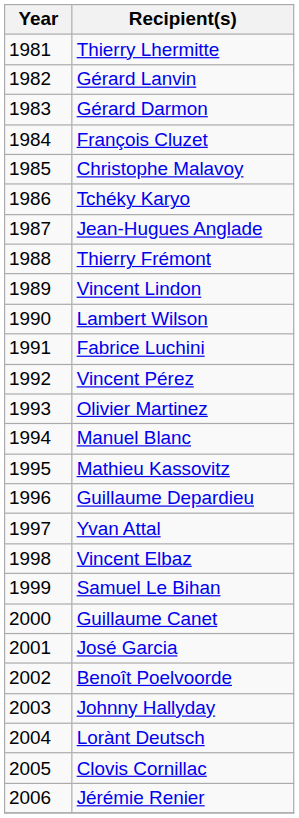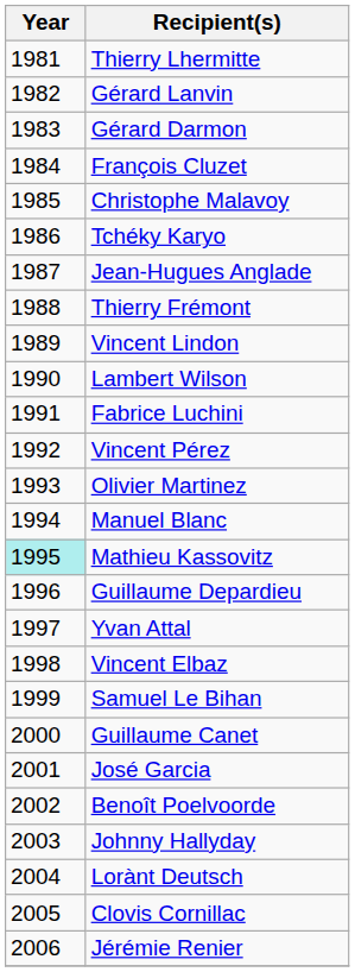 <table class="wikitable plainrowheaders">
 <tr>
 <th scope="col" width="50">Year</th>
 <th scope="col" width="180">Recipient(s)</th>
 </tr>
 <tr>
 <td>1981</td>
 <td><a href='#'>Thierry Lhermitte</a></td>
 </tr>
 <tr>
 <td>1982</td>
 <td><a href='#'>Gérard Lanvin</a></td>
 </tr>
 <tr>
 <td>1983</td>
 <td><a href='#'>Gérard Darmon</a></td>
 </tr>
 <tr>
 <td>1984</td>
 <td><a href='#'>François Cluzet</a></td>
 </tr>
 <tr>
 <td>1985</td>
 <td><a href='#'>Christophe Malavoy</a></td>
 </tr>
 <tr>
 <td>1986</td>
 <td><a href='#'>Tchéky Karyo</a></td>
 </tr>
 <tr>
 <td>1987</td>
 <td><a href='#'>Jean-Hugues Anglade</a></td>
 </tr>
 <tr>
 <td>1988</td>
 <td><a href='#'>Thierry Frémont</a></td>
 </tr>
 <tr>
 <td>1989</td>
 <td><a href='#'>Vincent Lindon</a></td>
 </tr>
 <tr>
 <td>1990</td>
 <td><a href='#'>Lambert Wilson</a></td>
 </tr>
 <tr>
 <td>1991</td>
 <td><a href='#'>Fabrice Luchini</a></td>
 </tr>
 <tr>
 <td>1992</td>
 <td><a href='#'>Vincent Pérez</a></td>
 </tr>
 <tr>
 <td>1993</td>
 <td><a href='#'>Olivier Martinez</a></td>
 </tr>
 <tr>
 <td>1994</td>
 <td><a href='#'>Manuel Blanc</a></td>
 </tr>
 <tr>
-<td>1995</td>
+<td style="background: paleturquoise;">1995</td>
 <td><a href='#'>Mathieu Kassovitz</a></td>
 </tr>
 <tr>
 <td>1996</td>
 <td><a href='#'>Guillaume Depardieu</a></td>
 </tr>
 <tr>
 <td>1997</td>
 <td><a href='#'>Yvan Attal</a></td>
 </tr>
 <tr>
 <td>1998</td>
 <td><a href='#'>Vincent Elbaz</a></td>
 </tr>
 <tr>
 <td>1999</td>
 <td><a href='#'>Samuel Le Bihan</a></td>
 </tr>
 <tr>
 <td>2000</td>
 <td><a href='#'>Guillaume Canet</a></td>
 </tr>
 <tr>
 <td>2001</td>
 <td><a href='#'>José Garcia</a></td>
 </tr>
 <tr>
 <td>2002</td>
 <td><a href='#'>Benoît Poelvoorde</a></td>
 </tr>
 <tr>
 <td>2003</td>
 <td><a href='#'>Johnny Hallyday</a></td>
 </tr>
 <tr>
 <td>2004</td>
 <td><a href='#'>Lorànt Deutsch</a></td>
 </tr>
 <tr>
 <td>2005</td>
 <td><a href='#'>Clovis Cornillac</a></td>
 </tr>
 <tr>
 <td>2006</td>
 <td><a href='#'>Jérémie Renier</a></td>
 </tr>
 <tr>
 </tr>
 </table>
